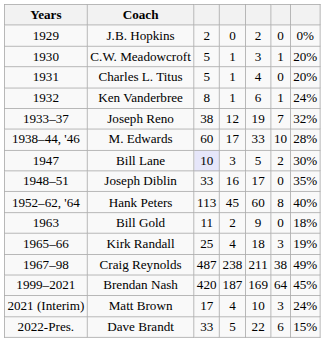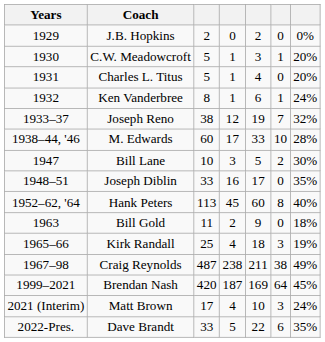 <table class="wikitable sortable" style="text-align: center;">
 <tr>
 <th width=px>Years</th>
 <th width=px>Coach</th>
 <th width=px></th>
 <th width=px></th>
 <th width=px></th>
 <th width=px></th>
 <th width=px></th>
 </tr>
 <tr>
 <td>1929</td>
 <td>J.B. Hopkins</td>
 <td>2</td>
 <td>0</td>
 <td>2</td>
 <td>0</td>
 <td>0%</td>
 </tr>
 <tr>
 <td>1930</td>
 <td>C.W. Meadowcroft</td>
 <td>5</td>
 <td>1</td>
 <td>3</td>
 <td>1</td>
 <td>20%</td>
 </tr>
 <tr>
 <td>1931</td>
 <td>Charles L. Titus</td>
 <td>5</td>
 <td>1</td>
 <td>4</td>
 <td>0</td>
 <td>20%</td>
 </tr>
 <tr>
 <td>1932</td>
 <td>Ken Vanderbree</td>
 <td>8</td>
 <td>1</td>
 <td>6</td>
 <td>1</td>
 <td>24%</td>
 </tr>
 <tr>
 <td>1933–37</td>
 <td>Joseph Reno</td>
 <td>38</td>
 <td>12</td>
 <td>19</td>
 <td>7</td>
 <td>32%</td>
 </tr>
 <tr>
 <td>1938–44, '46</td>
 <td>M. Edwards</td>
 <td>60</td>
 <td>17</td>
 <td>33</td>
 <td>10</td>
 <td>28%</td>
 </tr>
 <tr>
 <td>1947</td>
 <td>Bill Lane</td>
-<td style="background: lavender;">10</td>
+<td>10</td>
 <td>3</td>
 <td>5</td>
 <td>2</td>
 <td>30%</td>
 </tr>
 <tr>
 <td>1948–51</td>
 <td>Joseph Diblin</td>
 <td>33</td>
 <td>16</td>
 <td>17</td>
 <td>0</td>
 <td>35%</td>
 </tr>
 <tr>
 <td>1952–62, '64</td>
 <td>Hank Peters</td>
 <td>113</td>
 <td>45</td>
 <td>60</td>
 <td>8</td>
 <td>40%</td>
 </tr>
 <tr>
 <td>1963</td>
 <td>Bill Gold</td>
 <td>11</td>
 <td>2</td>
 <td>9</td>
 <td>0</td>
 <td>18%</td>
 </tr>
 <tr>
 <td>1965–66</td>
 <td>Kirk Randall</td>
 <td>25</td>
 <td>4</td>
 <td>18</td>
 <td>3</td>
 <td>19%</td>
 </tr>
 <tr>
 <td>1967–98</td>
 <td>Craig Reynolds</td>
 <td>487</td>
 <td>238</td>
 <td>211</td>
 <td>38</td>
 <td>49%</td>
 </tr>
 <tr>
 <td>1999–2021</td>
 <td>Brendan Nash</td>
 <td>420</td>
 <td>187</td>
 <td>169</td>
 <td>64</td>
 <td>45%</td>
 </tr>
 <tr>
 <td>2021 (Interim)</td>
 <td>Matt Brown</td>
 <td>17</td>
 <td>4</td>
 <td>10</td>
 <td>3</td>
 <td>24%</td>
 </tr>
 <tr>
 <td>2022-Pres.</td>
 <td>Dave Brandt</td>
 <td>33</td>
 <td>5</td>
 <td>22</td>
 <td>6</td>
-<td>15%</td>
+<td>35%</td>
 </tr>
 </table>
